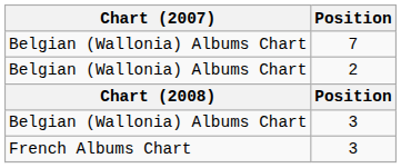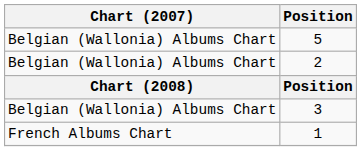 <table class="wikitable sortable">
 <tr>
 <th>Chart (2007)</th>
 <th>Position</th>
 </tr>
 <tr>
 <td>Belgian (Wallonia) Albums Chart</td>
-<td align="center">7</td>
+<td align="center">5</td>
 </tr>
 <tr>
 <td>Belgian (Wallonia) Albums Chart</td>
 <td align="center">2</td>
 </tr>
 <tr>
 <th>Chart (2008)</th>
 <th>Position</th>
 </tr>
 <tr>
 <td>Belgian (Wallonia) Albums Chart</td>
 <td align="center">3</td>
 </tr>
 <tr>
 <td>French Albums Chart</td>
-<td align="center">3</td>
+<td align="center">1</td>
 </tr>
 <tr>
 </tr>
 </table>
